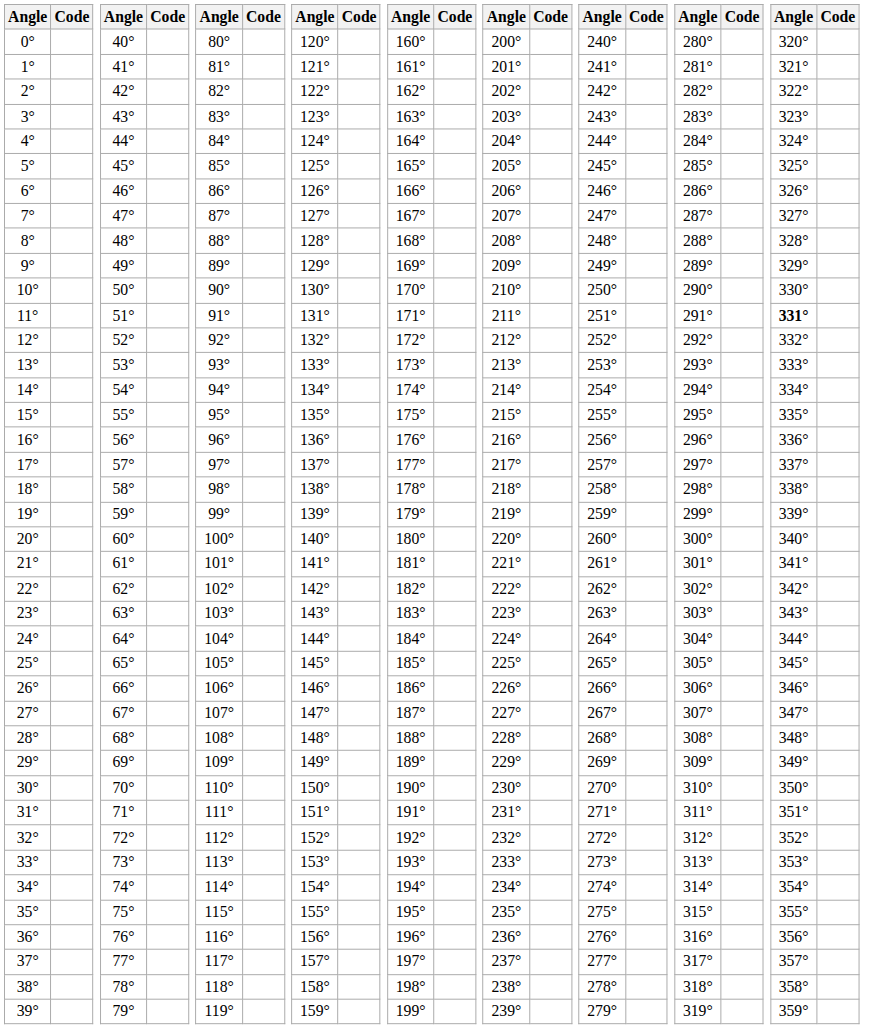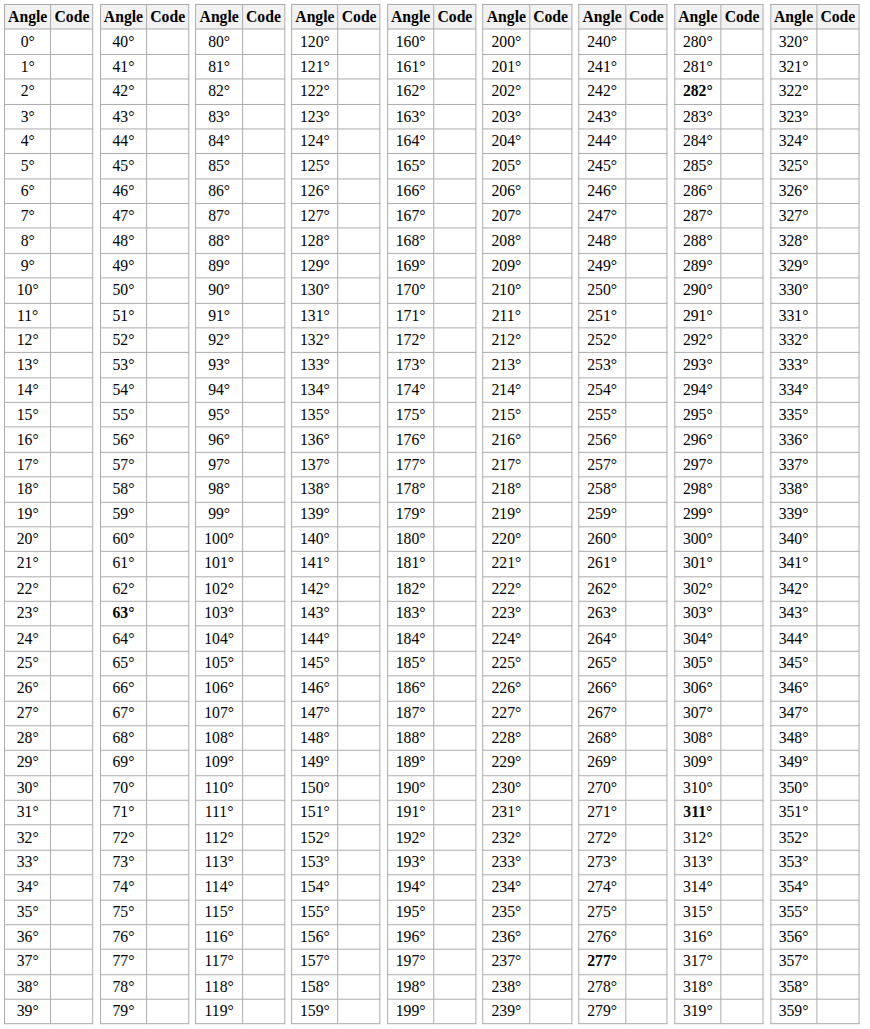 <table class="wikitable" style="text-align:center; background:#FFFFFF; border-width:0;">
 <tr>
 <th>Angle</th>
 <th>Code</th>
 <td rowspan="42" style="text-align:center; background:#FFFFFF; border-width:0;"></td>
 <th>Angle</th>
 <th>Code</th>
 <td rowspan="42" style="text-align:center; background:#FFFFFF; border-width:0;"></td>
 <th>Angle</th>
 <th>Code</th>
 <td rowspan="42" style="text-align:center; background:#FFFFFF; border-width:0;"></td>
 <th>Angle</th>
 <th>Code</th>
 <td rowspan="42" style="text-align:center; background:#FFFFFF; border-width:0;"></td>
 <th>Angle</th>
 <th>Code</th>
 <td rowspan="42" style="text-align:center; background:#FFFFFF; border-width:0;"></td>
 <th>Angle</th>
 <th>Code</th>
 <td rowspan="42" style="text-align:center; background:#FFFFFF; border-width:0;"></td>
 <th>Angle</th>
 <th>Code</th>
 <td rowspan="42" style="text-align:center; background:#FFFFFF; border-width:0;"></td>
 <th>Angle</th>
 <th>Code</th>
 <td rowspan="42" style="text-align:center; background:#FFFFFF; border-width:0;"></td>
 <th>Angle</th>
 <th>Code</th>
 <td rowspan="42" style="text-align:center; background:#FFFFFF; border-width:0;"></td>
 </tr>
 <tr>
 <td>0°</td>
 <td></td>
 <td>40°</td>
 <td></td>
 <td>80°</td>
 <td></td>
 <td>120°</td>
 <td></td>
 <td>160°</td>
 <td></td>
 <td>200°</td>
 <td></td>
 <td>240°</td>
 <td></td>
 <td>280°</td>
 <td></td>
 <td>320°</td>
 <td></td>
 </tr>
 <tr>
 <td>1°</td>
 <td></td>
 <td>41°</td>
 <td></td>
 <td>81°</td>
 <td></td>
 <td>121°</td>
 <td></td>
 <td>161°</td>
 <td></td>
 <td>201°</td>
 <td></td>
 <td>241°</td>
 <td></td>
 <td>281°</td>
 <td></td>
 <td>321°</td>
 <td></td>
 </tr>
 <tr>
 <td>2°</td>
 <td></td>
 <td>42°</td>
 <td></td>
 <td>82°</td>
 <td></td>
 <td>122°</td>
 <td></td>
 <td>162°</td>
 <td></td>
 <td>202°</td>
 <td></td>
 <td>242°</td>
 <td></td>
-<td>282°</td>
+<td><strong>282°</strong></td>
 <td></td>
 <td>322°</td>
 <td></td>
 </tr>
 <tr>
 <td>3°</td>
 <td></td>
 <td>43°</td>
 <td></td>
 <td>83°</td>
 <td></td>
 <td>123°</td>
 <td></td>
 <td>163°</td>
 <td></td>
 <td>203°</td>
 <td></td>
 <td>243°</td>
 <td></td>
 <td>283°</td>
 <td></td>
 <td>323°</td>
 <td></td>
 </tr>
 <tr>
 <td>4°</td>
 <td></td>
 <td>44°</td>
 <td></td>
 <td>84°</td>
 <td></td>
 <td>124°</td>
 <td></td>
 <td>164°</td>
 <td></td>
 <td>204°</td>
 <td></td>
 <td>244°</td>
 <td></td>
 <td>284°</td>
 <td></td>
 <td>324°</td>
 <td></td>
 </tr>
 <tr>
 <td>5°</td>
 <td></td>
 <td>45°</td>
 <td></td>
 <td>85°</td>
 <td></td>
 <td>125°</td>
 <td></td>
 <td>165°</td>
 <td></td>
 <td>205°</td>
 <td></td>
 <td>245°</td>
 <td></td>
 <td>285°</td>
 <td></td>
 <td>325°</td>
 <td></td>
 </tr>
 <tr>
 <td>6°</td>
 <td></td>
 <td>46°</td>
 <td></td>
 <td>86°</td>
 <td></td>
 <td>126°</td>
 <td></td>
 <td>166°</td>
 <td></td>
 <td>206°</td>
 <td></td>
 <td>246°</td>
 <td></td>
 <td>286°</td>
 <td></td>
 <td>326°</td>
 <td></td>
 </tr>
 <tr>
 <td>7°</td>
 <td></td>
 <td>47°</td>
 <td></td>
 <td>87°</td>
 <td></td>
 <td>127°</td>
 <td></td>
 <td>167°</td>
 <td></td>
 <td>207°</td>
 <td></td>
 <td>247°</td>
 <td></td>
 <td>287°</td>
 <td></td>
 <td>327°</td>
 <td></td>
 </tr>
 <tr>
 <td>8°</td>
 <td></td>
 <td>48°</td>
 <td></td>
 <td>88°</td>
 <td></td>
 <td>128°</td>
 <td></td>
 <td>168°</td>
 <td></td>
 <td>208°</td>
 <td></td>
 <td>248°</td>
 <td></td>
 <td>288°</td>
 <td></td>
 <td>328°</td>
 <td></td>
 </tr>
 <tr>
 <td>9°</td>
 <td></td>
 <td>49°</td>
 <td></td>
 <td>89°</td>
 <td></td>
 <td>129°</td>
 <td></td>
 <td>169°</td>
 <td></td>
 <td>209°</td>
 <td></td>
 <td>249°</td>
 <td></td>
 <td>289°</td>
 <td></td>
 <td>329°</td>
 <td></td>
 </tr>
 <tr>
 <td>10°</td>
 <td></td>
 <td>50°</td>
 <td></td>
 <td>90°</td>
 <td></td>
 <td>130°</td>
 <td></td>
 <td>170°</td>
 <td></td>
 <td>210°</td>
 <td></td>
 <td>250°</td>
 <td></td>
 <td>290°</td>
 <td></td>
 <td>330°</td>
 <td></td>
 </tr>
 <tr>
 <td>11°</td>
 <td></td>
 <td>51°</td>
 <td></td>
 <td>91°</td>
 <td></td>
 <td>131°</td>
 <td></td>
 <td>171°</td>
 <td></td>
 <td>211°</td>
 <td></td>
 <td>251°</td>
 <td></td>
 <td>291°</td>
 <td></td>
-<td><strong>331°</strong></td>
+<td>331°</td>
 <td></td>
 </tr>
 <tr>
 <td>12°</td>
 <td></td>
 <td>52°</td>
 <td></td>
 <td>92°</td>
 <td></td>
 <td>132°</td>
 <td></td>
 <td>172°</td>
 <td></td>
 <td>212°</td>
 <td></td>
 <td>252°</td>
 <td></td>
 <td>292°</td>
 <td></td>
 <td>332°</td>
 <td></td>
 </tr>
 <tr>
 <td>13°</td>
 <td></td>
 <td>53°</td>
 <td></td>
 <td>93°</td>
 <td></td>
 <td>133°</td>
 <td></td>
 <td>173°</td>
 <td></td>
 <td>213°</td>
 <td></td>
 <td>253°</td>
 <td></td>
 <td>293°</td>
 <td></td>
 <td>333°</td>
 <td></td>
 </tr>
 <tr>
 <td>14°</td>
 <td></td>
 <td>54°</td>
 <td></td>
 <td>94°</td>
 <td></td>
 <td>134°</td>
 <td></td>
 <td>174°</td>
 <td></td>
 <td>214°</td>
 <td></td>
 <td>254°</td>
 <td></td>
 <td>294°</td>
 <td></td>
 <td>334°</td>
 <td></td>
 </tr>
 <tr>
 <td>15°</td>
 <td></td>
 <td>55°</td>
 <td></td>
 <td>95°</td>
 <td></td>
 <td>135°</td>
 <td></td>
 <td>175°</td>
 <td></td>
 <td>215°</td>
 <td></td>
 <td>255°</td>
 <td></td>
 <td>295°</td>
 <td></td>
 <td>335°</td>
 <td></td>
 </tr>
 <tr>
 <td>16°</td>
 <td></td>
 <td>56°</td>
 <td></td>
 <td>96°</td>
 <td></td>
 <td>136°</td>
 <td></td>
 <td>176°</td>
 <td></td>
 <td>216°</td>
 <td></td>
 <td>256°</td>
 <td></td>
 <td>296°</td>
 <td></td>
 <td>336°</td>
 <td></td>
 </tr>
 <tr>
 <td>17°</td>
 <td></td>
 <td>57°</td>
 <td></td>
 <td>97°</td>
 <td></td>
 <td>137°</td>
 <td></td>
 <td>177°</td>
 <td></td>
 <td>217°</td>
 <td></td>
 <td>257°</td>
 <td></td>
 <td>297°</td>
 <td></td>
 <td>337°</td>
 <td></td>
 </tr>
 <tr>
 <td>18°</td>
 <td></td>
 <td>58°</td>
 <td></td>
 <td>98°</td>
 <td></td>
 <td>138°</td>
 <td></td>
 <td>178°</td>
 <td></td>
 <td>218°</td>
 <td></td>
 <td>258°</td>
 <td></td>
 <td>298°</td>
 <td></td>
 <td>338°</td>
 <td></td>
 </tr>
 <tr>
 <td>19°</td>
 <td></td>
 <td>59°</td>
 <td></td>
 <td>99°</td>
 <td></td>
 <td>139°</td>
 <td></td>
 <td>179°</td>
 <td></td>
 <td>219°</td>
 <td></td>
 <td>259°</td>
 <td></td>
 <td>299°</td>
 <td></td>
 <td>339°</td>
 <td></td>
 </tr>
 <tr>
 <td>20°</td>
 <td></td>
 <td>60°</td>
 <td></td>
 <td>100°</td>
 <td></td>
 <td>140°</td>
 <td></td>
 <td>180°</td>
 <td></td>
 <td>220°</td>
 <td></td>
 <td>260°</td>
 <td></td>
 <td>300°</td>
 <td></td>
 <td>340°</td>
 <td></td>
 </tr>
 <tr>
 <td>21°</td>
 <td></td>
 <td>61°</td>
 <td></td>
 <td>101°</td>
 <td></td>
 <td>141°</td>
 <td></td>
 <td>181°</td>
 <td></td>
 <td>221°</td>
 <td></td>
 <td>261°</td>
 <td></td>
 <td>301°</td>
 <td></td>
 <td>341°</td>
 <td></td>
 </tr>
 <tr>
 <td>22°</td>
 <td></td>
 <td>62°</td>
 <td></td>
 <td>102°</td>
 <td></td>
 <td>142°</td>
 <td></td>
 <td>182°</td>
 <td></td>
 <td>222°</td>
 <td></td>
 <td>262°</td>
 <td></td>
 <td>302°</td>
 <td></td>
 <td>342°</td>
 <td></td>
 </tr>
 <tr>
 <td>23°</td>
 <td></td>
-<td>63°</td>
+<td><strong>63°</strong></td>
 <td></td>
 <td>103°</td>
 <td></td>
 <td>143°</td>
 <td></td>
 <td>183°</td>
 <td></td>
 <td>223°</td>
 <td></td>
 <td>263°</td>
 <td></td>
 <td>303°</td>
 <td></td>
 <td>343°</td>
 <td></td>
 </tr>
 <tr>
 <td>24°</td>
 <td></td>
 <td>64°</td>
 <td></td>
 <td>104°</td>
 <td></td>
 <td>144°</td>
 <td></td>
 <td>184°</td>
 <td></td>
 <td>224°</td>
 <td></td>
 <td>264°</td>
 <td></td>
 <td>304°</td>
 <td></td>
 <td>344°</td>
 <td></td>
 </tr>
 <tr>
 <td>25°</td>
 <td></td>
 <td>65°</td>
 <td></td>
 <td>105°</td>
 <td></td>
 <td>145°</td>
 <td></td>
 <td>185°</td>
 <td></td>
 <td>225°</td>
 <td></td>
 <td>265°</td>
 <td></td>
 <td>305°</td>
 <td></td>
 <td>345°</td>
 <td></td>
 </tr>
 <tr>
 <td>26°</td>
 <td></td>
 <td>66°</td>
 <td></td>
 <td>106°</td>
 <td></td>
 <td>146°</td>
 <td></td>
 <td>186°</td>
 <td></td>
 <td>226°</td>
 <td></td>
 <td>266°</td>
 <td></td>
 <td>306°</td>
 <td></td>
 <td>346°</td>
 <td></td>
 </tr>
 <tr>
 <td>27°</td>
 <td></td>
 <td>67°</td>
 <td></td>
 <td>107°</td>
 <td></td>
 <td>147°</td>
 <td></td>
 <td>187°</td>
 <td></td>
 <td>227°</td>
 <td></td>
 <td>267°</td>
 <td></td>
 <td>307°</td>
 <td></td>
 <td>347°</td>
 <td></td>
 </tr>
 <tr>
 <td>28°</td>
 <td></td>
 <td>68°</td>
 <td></td>
 <td>108°</td>
 <td></td>
 <td>148°</td>
 <td></td>
 <td>188°</td>
 <td></td>
 <td>228°</td>
 <td></td>
 <td>268°</td>
 <td></td>
 <td>308°</td>
 <td></td>
 <td>348°</td>
 <td></td>
 </tr>
 <tr>
 <td>29°</td>
 <td></td>
 <td>69°</td>
 <td></td>
 <td>109°</td>
 <td></td>
 <td>149°</td>
 <td></td>
 <td>189°</td>
 <td></td>
 <td>229°</td>
 <td></td>
 <td>269°</td>
 <td></td>
 <td>309°</td>
 <td></td>
 <td>349°</td>
 <td></td>
 </tr>
 <tr>
 <td>30°</td>
 <td></td>
 <td>70°</td>
 <td></td>
 <td>110°</td>
 <td></td>
 <td>150°</td>
 <td></td>
 <td>190°</td>
 <td></td>
 <td>230°</td>
 <td></td>
 <td>270°</td>
 <td></td>
 <td>310°</td>
 <td></td>
 <td>350°</td>
 <td></td>
 </tr>
 <tr>
 <td>31°</td>
 <td></td>
 <td>71°</td>
 <td></td>
 <td>111°</td>
 <td></td>
 <td>151°</td>
 <td></td>
 <td>191°</td>
 <td></td>
 <td>231°</td>
 <td></td>
 <td>271°</td>
 <td></td>
-<td>311°</td>
+<td><strong>311°</strong></td>
 <td></td>
 <td>351°</td>
 <td></td>
 </tr>
 <tr>
 <td>32°</td>
 <td></td>
 <td>72°</td>
 <td></td>
 <td>112°</td>
 <td></td>
 <td>152°</td>
 <td></td>
 <td>192°</td>
 <td></td>
 <td>232°</td>
 <td></td>
 <td>272°</td>
 <td></td>
 <td>312°</td>
 <td></td>
 <td>352°</td>
 <td></td>
 </tr>
 <tr>
 <td>33°</td>
 <td></td>
 <td>73°</td>
 <td></td>
 <td>113°</td>
 <td></td>
 <td>153°</td>
 <td></td>
 <td>193°</td>
 <td></td>
 <td>233°</td>
 <td></td>
 <td>273°</td>
 <td></td>
 <td>313°</td>
 <td></td>
 <td>353°</td>
 <td></td>
 </tr>
 <tr>
 <td>34°</td>
 <td></td>
 <td>74°</td>
 <td></td>
 <td>114°</td>
 <td></td>
 <td>154°</td>
 <td></td>
 <td>194°</td>
 <td></td>
 <td>234°</td>
 <td></td>
 <td>274°</td>
 <td></td>
 <td>314°</td>
 <td></td>
 <td>354°</td>
 <td></td>
 </tr>
 <tr>
 <td>35°</td>
 <td></td>
 <td>75°</td>
 <td></td>
 <td>115°</td>
 <td></td>
 <td>155°</td>
 <td></td>
 <td>195°</td>
 <td></td>
 <td>235°</td>
 <td></td>
 <td>275°</td>
 <td></td>
 <td>315°</td>
 <td></td>
 <td>355°</td>
 <td></td>
 </tr>
 <tr>
 <td>36°</td>
 <td></td>
 <td>76°</td>
 <td></td>
 <td>116°</td>
 <td></td>
 <td>156°</td>
 <td></td>
 <td>196°</td>
 <td></td>
 <td>236°</td>
 <td></td>
 <td>276°</td>
 <td></td>
 <td>316°</td>
 <td></td>
 <td>356°</td>
 <td></td>
 </tr>
 <tr>
 <td>37°</td>
 <td></td>
 <td>77°</td>
 <td></td>
 <td>117°</td>
 <td></td>
 <td>157°</td>
 <td></td>
 <td>197°</td>
 <td></td>
 <td>237°</td>
 <td></td>
-<td>277°</td>
+<td><strong>277°</strong></td>
 <td></td>
 <td>317°</td>
 <td></td>
 <td>357°</td>
 <td></td>
 </tr>
 <tr>
 <td>38°</td>
 <td></td>
 <td>78°</td>
 <td></td>
 <td>118°</td>
 <td></td>
 <td>158°</td>
 <td></td>
 <td>198°</td>
 <td></td>
 <td>238°</td>
 <td></td>
 <td>278°</td>
 <td></td>
 <td>318°</td>
 <td></td>
 <td>358°</td>
 <td></td>
 </tr>
 <tr>
 <td>39°</td>
 <td></td>
 <td>79°</td>
 <td></td>
 <td>119°</td>
 <td></td>
 <td>159°</td>
 <td></td>
 <td>199°</td>
 <td></td>
 <td>239°</td>
 <td></td>
 <td>279°</td>
 <td></td>
 <td>319°</td>
 <td></td>
 <td>359°</td>
 <td></td>
 </tr>
 </table>
